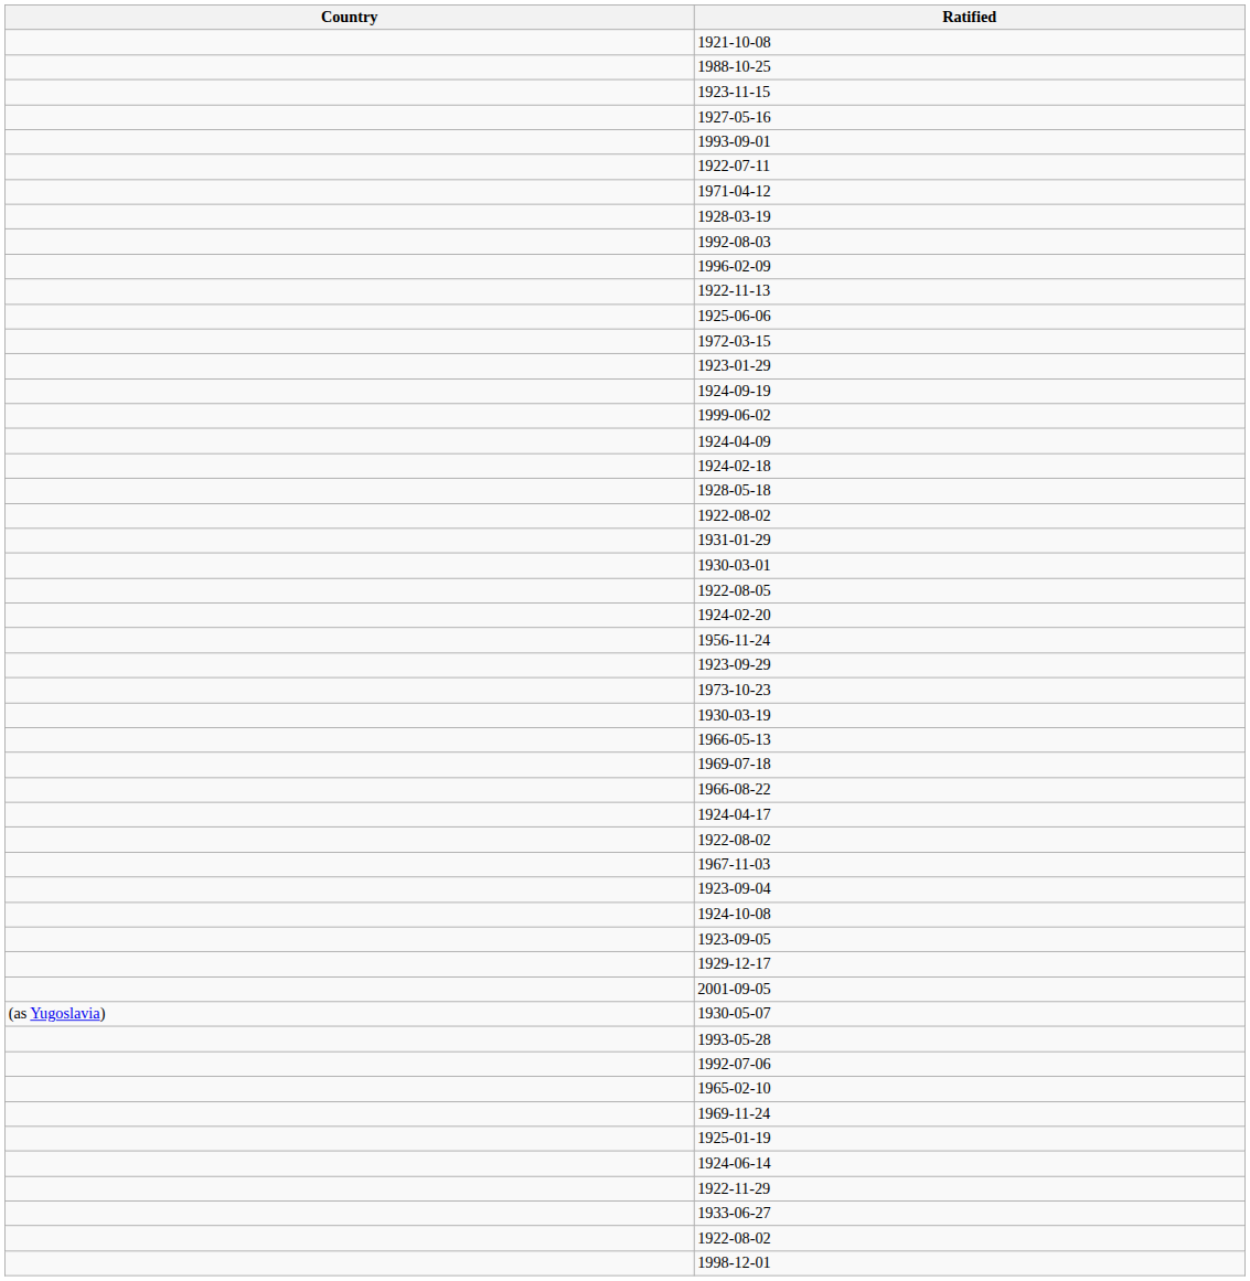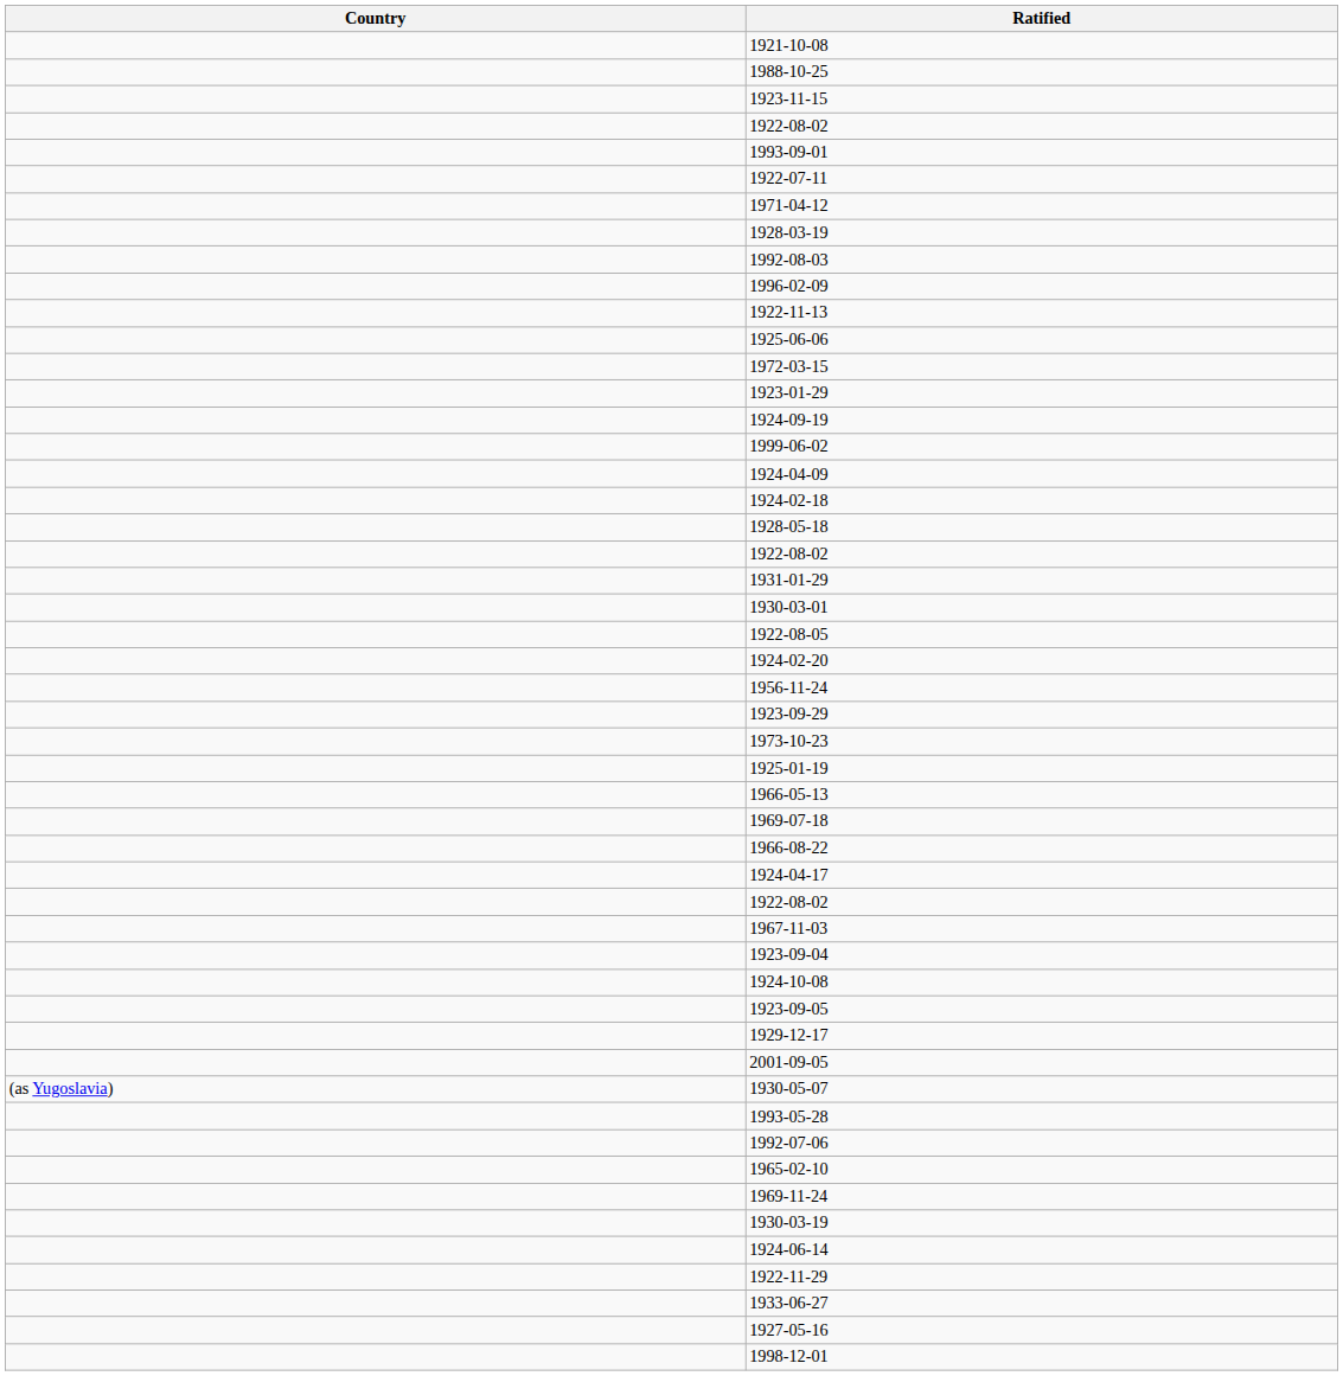 <table class="wikitable sortable" border="1" style="width:100%; margin:auto;">
 <tr>
 <th width="15%">Country</th>
 <th width="12%">Ratified</th>
 </tr>
 <tr -valign="top">
 <td></td>
 <td>1921-10-08</td>
 </tr>
 <tr -valign="top">
 <td></td>
 <td>1988-10-25</td>
 </tr>
 <tr -valign="top">
 <td></td>
 <td>1923-11-15</td>
 </tr>
 <tr -valign="top">
 <td></td>
-<td>1927-05-16</td>
+<td>1922-08-02</td>
 </tr>
 <tr -valign="top">
 <td></td>
 <td>1993-09-01</td>
 </tr>
 <tr -valign="top">
 <td></td>
 <td>1922-07-11</td>
 </tr>
 <tr -valign="top">
 <td></td>
 <td>1971-04-12</td>
 </tr>
 <tr -valign="top">
 <td></td>
 <td>1928-03-19</td>
 </tr>
 <tr -valign="top">
 <td></td>
 <td>1992-08-03</td>
 </tr>
 <tr -valign="top">
 <td></td>
 <td>1996-02-09</td>
 </tr>
 <tr -valign="top">
 <td></td>
 <td>1922-11-13</td>
 </tr>
 <tr -valign="top">
 <td></td>
 <td>1925-06-06</td>
 </tr>
 <tr -valign="top">
 <td></td>
 <td>1972-03-15</td>
 </tr>
 <tr -valign="top">
 <td></td>
 <td>1923-01-29</td>
 </tr>
 <tr -valign="top">
 <td></td>
 <td>1924-09-19</td>
 </tr>
 <tr -valign="top">
 <td></td>
 <td>1999-06-02</td>
 </tr>
 <tr -valign="top">
 <td></td>
 <td>1924-04-09</td>
 </tr>
 <tr -valign="top">
 <td></td>
 <td>1924-02-18</td>
 </tr>
 <tr -valign="top">
 <td></td>
 <td>1928-05-18</td>
 </tr>
 <tr -valign="top">
 <td></td>
 <td>1922-08-02</td>
 </tr>
 <tr -valign="top">
 <td></td>
 <td>1931-01-29</td>
 </tr>
 <tr -valign="top">
 <td></td>
 <td>1930-03-01</td>
 </tr>
 <tr -valign="top">
 <td></td>
 <td>1922-08-05</td>
 </tr>
 <tr -valign="top">
 <td></td>
 <td>1924-02-20</td>
 </tr>
 <tr -valign="top">
 <td></td>
 <td>1956-11-24</td>
 </tr>
 <tr -valign="top">
 <td></td>
 <td>1923-09-29</td>
 </tr>
 <tr -valign="top">
 <td></td>
 <td>1973-10-23</td>
 </tr>
 <tr -valign="top">
 <td></td>
-<td>1930-03-19</td>
+<td>1925-01-19</td>
 </tr>
 <tr -valign="top">
 <td></td>
 <td>1966-05-13</td>
 </tr>
 <tr -valign="top">
 <td></td>
 <td>1969-07-18</td>
 </tr>
 <tr -valign="top">
 <td></td>
 <td>1966-08-22</td>
 </tr>
 <tr -valign="top">
 <td></td>
 <td>1924-04-17</td>
 </tr>
 <tr -valign="top">
 <td></td>
 <td>1922-08-02</td>
 </tr>
 <tr -valign="top">
 <td></td>
 <td>1967-11-03</td>
 </tr>
 <tr -valign="top">
 <td></td>
 <td>1923-09-04</td>
 </tr>
 <tr -valign="top">
 <td></td>
 <td>1924-10-08</td>
 </tr>
 <tr -valign="top">
 <td></td>
 <td>1923-09-05</td>
 </tr>
 <tr -valign="top">
 <td></td>
 <td>1929-12-17</td>
 </tr>
 <tr -valign="top">
 <td></td>
 <td>2001-09-05</td>
 </tr>
 <tr -valign="top">
 <td> (as <a href='#'>Yugoslavia</a>)</td>
 <td>1930-05-07</td>
 </tr>
 <tr -valign="top">
 <td></td>
 <td>1993-05-28</td>
 </tr>
 <tr -valign="top">
 <td></td>
 <td>1992-07-06</td>
 </tr>
 <tr -valign="top">
 <td></td>
 <td>1965-02-10</td>
 </tr>
 <tr -valign="top">
 <td></td>
 <td>1969-11-24</td>
 </tr>
 <tr -valign="top">
 <td></td>
-<td>1925-01-19</td>
+<td>1930-03-19</td>
 </tr>
 <tr -valign="top">
 <td></td>
 <td>1924-06-14</td>
 </tr>
 <tr -valign="top">
 <td></td>
 <td>1922-11-29</td>
 </tr>
 <tr -valign="top">
 <td></td>
 <td>1933-06-27</td>
 </tr>
 <tr -valign="top">
 <td></td>
-<td>1922-08-02</td>
+<td>1927-05-16</td>
 </tr>
 <tr -valign="top">
 <td></td>
 <td>1998-12-01</td>
 </tr>
 </table>
